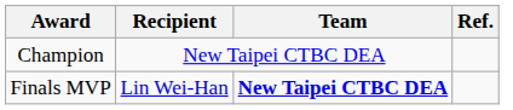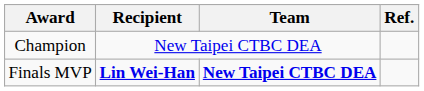 <table class="wikitable" style="text-align:center">
 <tr>
 <th>Award</th>
 <th>Recipient</th>
 <th>Team</th>
 <th>Ref.</th>
 </tr>
 <tr>
 <td>Champion</td>
 <td colspan=2><a href='#'>New Taipei CTBC DEA</a></td>
 <td></td>
 </tr>
 <tr>
 <td>Finals MVP</td>
-<td><a href='#'>Lin Wei-Han</a></td>
+<td><strong><a href='#'>Lin Wei-Han</a></strong></td>
 <td><strong><a href='#'>New Taipei CTBC DEA</a></strong></td>
 <td></td>
 </tr>
 </table>
